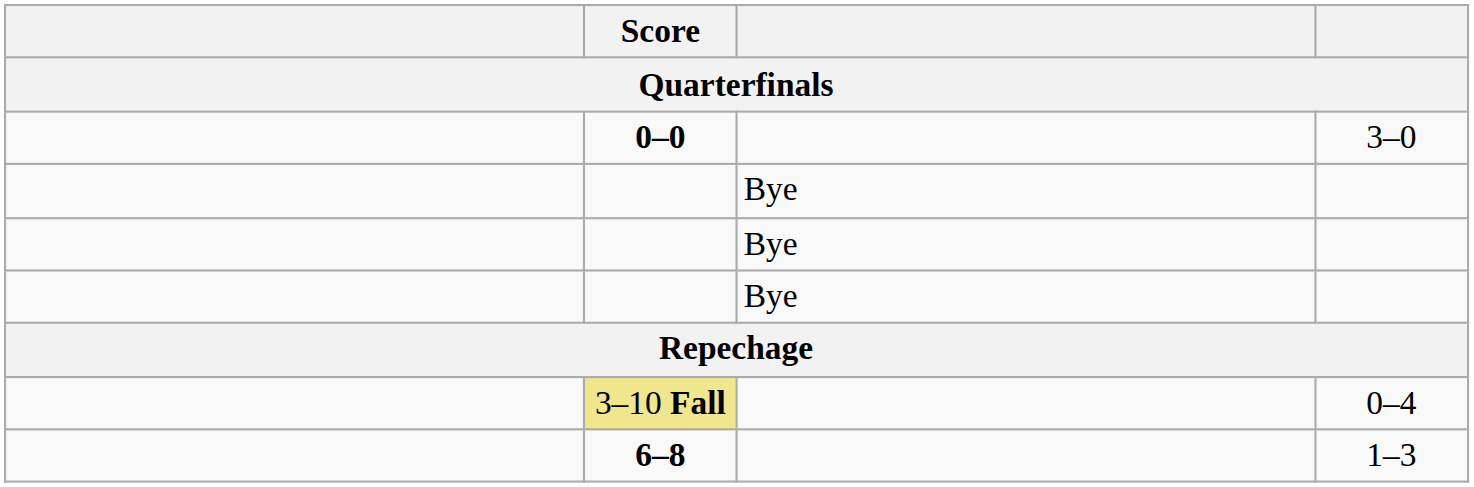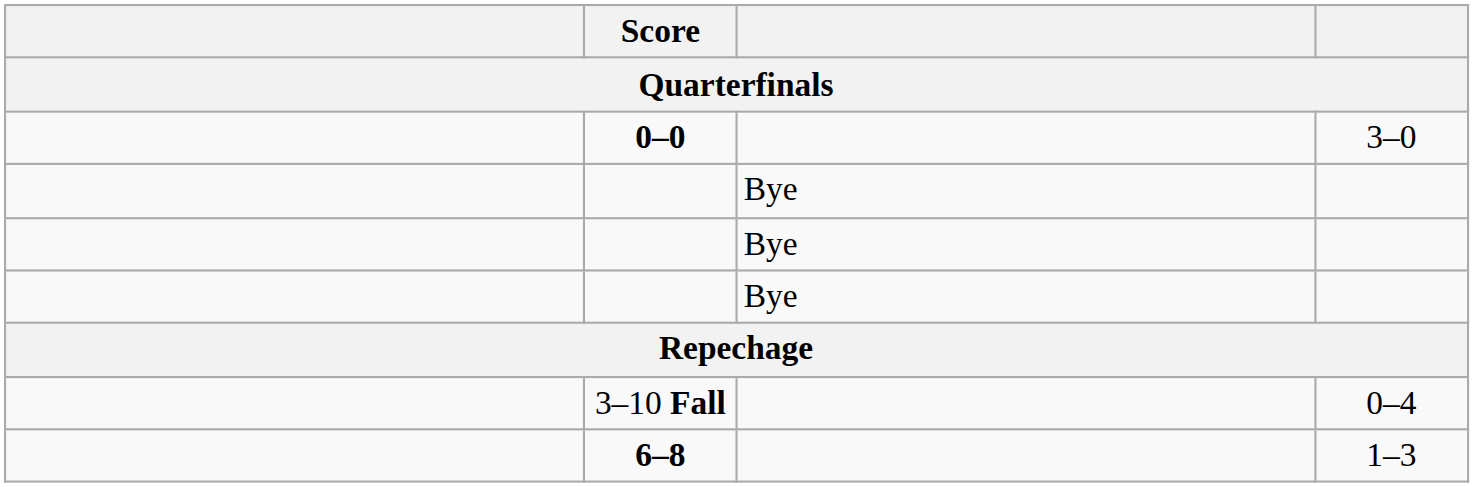 <table class="wikitable" style="text-align: left;">
 <tr>
 <th align="right" width="270"></th>
 <th width="65">Score</th>
 <th align="left" width="270"></th>
 <th width="65"></th>
 </tr>
 <tr>
 <th colspan=4>Quarterfinals</th>
 </tr>
 <tr>
 <td><strong></strong></td>
 <td align="center"><strong>0–0</strong></td>
 <td></td>
 <td align=center>3–0 <strong></strong></td>
 </tr>
 <tr>
 <td><strong></strong></td>
 <td></td>
 <td>Bye</td>
 <td></td>
 </tr>
 <tr>
 <td><strong></strong></td>
 <td></td>
 <td>Bye</td>
 <td></td>
 </tr>
 <tr>
 <td><strong></strong></td>
 <td></td>
 <td>Bye</td>
 <td></td>
 </tr>
 <tr>
 <th colspan=4>Repechage</th>
 </tr>
 <tr>
 <td></td>
-<td align="center" style="background: khaki;">3–10 <strong>Fall</strong></td>
+<td align="center">3–10 <strong>Fall</strong></td>
 <td><strong></strong></td>
 <td align=center>0–4 <strong></strong></td>
 </tr>
 <tr>
 <td></td>
 <td align="center"><strong>6–8</strong></td>
 <td><strong></strong></td>
 <td align=center>1–3 <strong></strong></td>
 </tr>
 </table>
